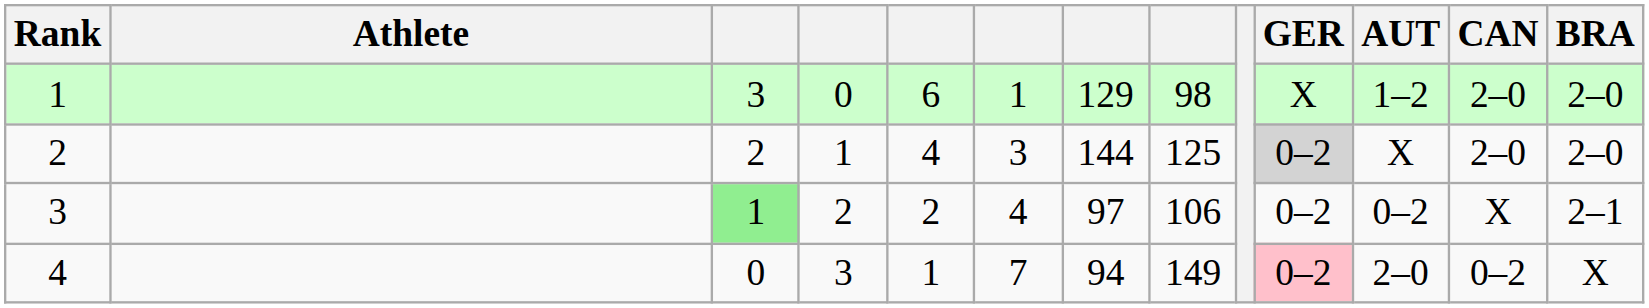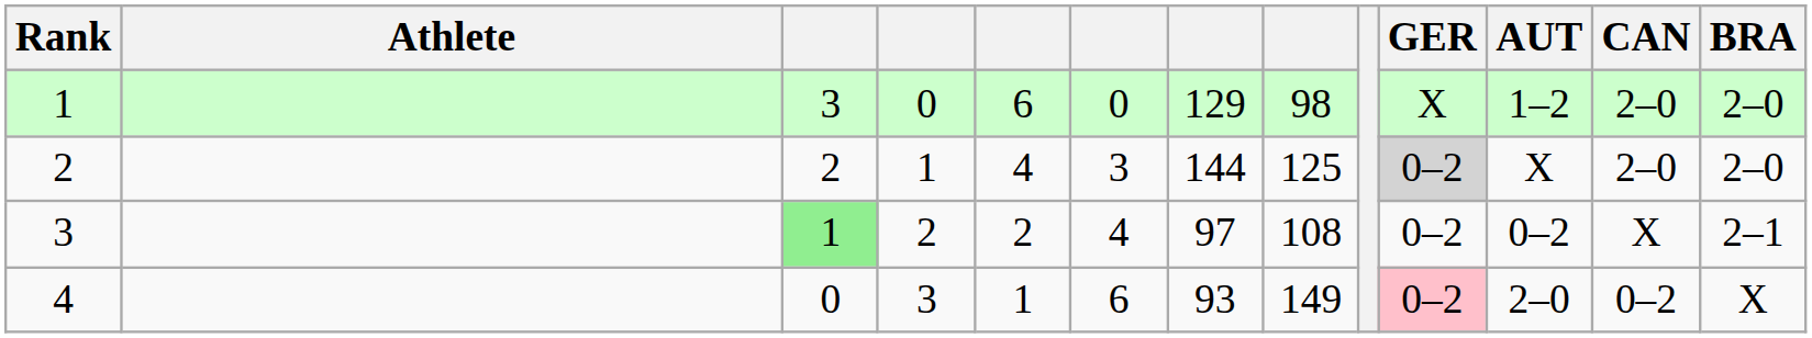 <table class="wikitable" style="text-align:center">
 <tr>
 <th>Rank</th>
 <th width=250>Athlete</th>
 <th width=30></th>
 <th width=30></th>
 <th width=30></th>
 <th width=30></th>
 <th width=30></th>
 <th width=30></th>
 <th rowspan=5></th>
 <th width=30>GER</th>
 <th width=30>AUT</th>
 <th width=30>CAN</th>
 <th width=30>BRA</th>
 </tr>
 <tr style="background-color:#ccffcc;">
 <td>1</td>
 <td align=left></td>
 <td>3</td>
 <td>0</td>
 <td>6</td>
-<td>1</td>
+<td>0</td>
 <td>129</td>
 <td>98</td>
 <td>X</td>
 <td>1–2</td>
 <td>2–0</td>
 <td>2–0</td>
 </tr>
 <tr>
 <td>2</td>
 <td align=left></td>
 <td>2</td>
 <td>1</td>
 <td>4</td>
 <td>3</td>
 <td>144</td>
 <td>125</td>
 <td style="background: lightgrey;">0–2</td>
 <td>X</td>
 <td>2–0</td>
 <td>2–0</td>
 </tr>
 <tr>
 <td>3</td>
 <td align=left></td>
 <td style="background: lightgreen;">1</td>
 <td>2</td>
 <td>2</td>
 <td>4</td>
 <td>97</td>
-<td>106</td>
+<td>108</td>
 <td>0–2</td>
 <td>0–2</td>
 <td>X</td>
 <td>2–1</td>
 </tr>
 <tr>
 <td>4</td>
 <td align=left></td>
 <td>0</td>
 <td>3</td>
 <td>1</td>
-<td>7</td>
-<td>94</td>
+<td>6</td>
+<td>93</td>
 <td>149</td>
 <td style="background: pink;">0–2</td>
 <td>2–0</td>
 <td>0–2</td>
 <td>X</td>
 </tr>
 </table>
